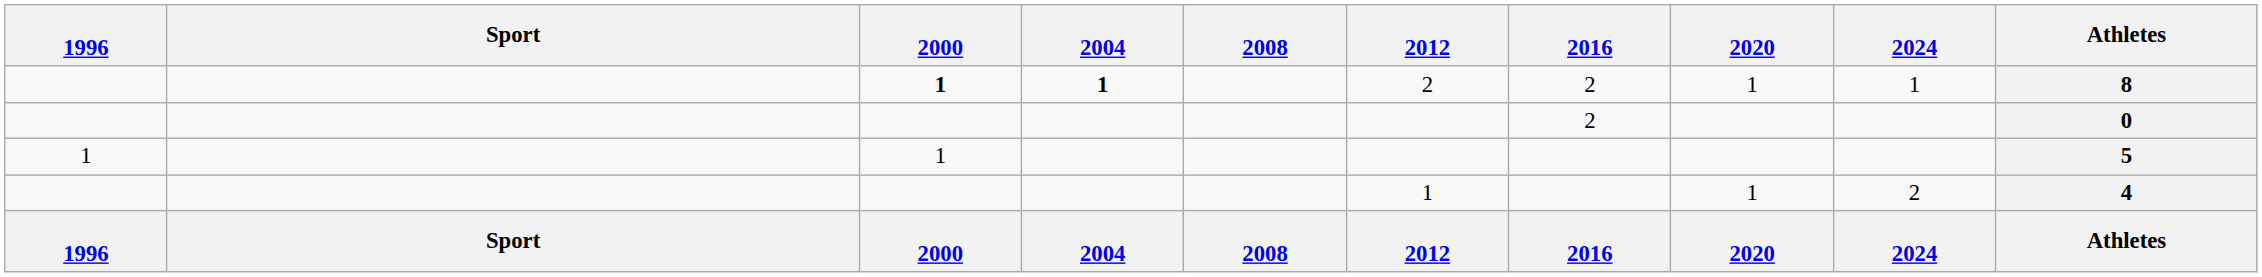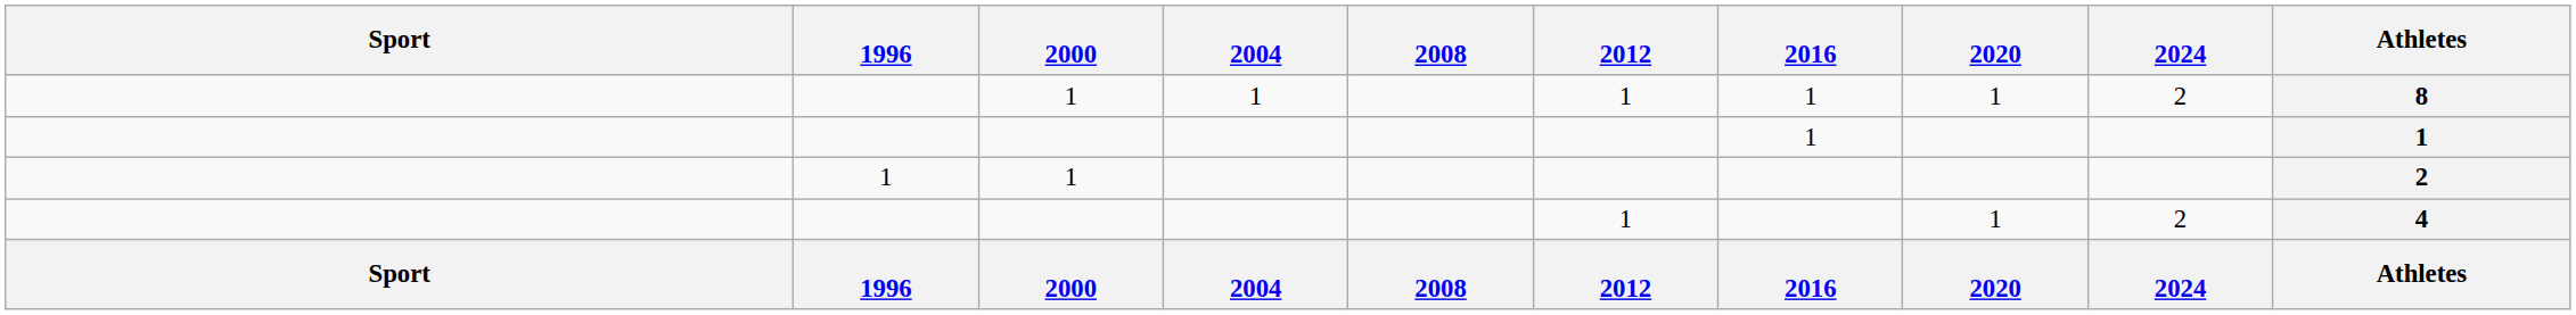 <table class="wikitable" width=80%>
 <tr>
+<th style="width:30em">Sport</th>
 <th><br><a href='#'>1996</a></th>
-<th style="width:30em">Sport</th>
 <th><br><a href='#'>2000</a></th>
 <th><br><a href='#'>2004</a></th>
 <th><br><a href='#'>2008</a></th>
 <th><br><a href='#'>2012</a></th>
 <th><br><a href='#'>2016</a></th>
 <th><br><a href='#'>2020</a></th>
 <th><br><a href='#'>2024</a></th>
 <th>Athletes</th>
 </tr>
 <tr>
+<td></td>
 <td align=center></td>
-<td></td>
-<td align=center><strong>1</strong></td>
-<td align=center><strong>1</strong></td>
-<td align=center></td>
-<td align=center>2</td>
-<td align=center>2</td>
 <td align=center>1</td>
 <td align=center>1</td>
+<td align=center></td>
+<td align=center>1</td>
+<td align=center>1</td>
+<td align=center>1</td>
+<td align=center>2</td>
 <th align="center">8</th>
 </tr>
 <tr>
-<td align=center></td>
 <td></td>
 <td align=center></td>
 <td align=center></td>
 <td align=center></td>
 <td align=center></td>
-<td align=center>2</td>
+<td align=center></td>
+<td align=center>1</td>
 <td align=center></td>
 <td></td>
-<th align="center">0</th>
+<th align="center">1</th>
 </tr>
 <tr>
+<td></td>
 <td align=center>1</td>
-<td></td>
 <td align=center>1</td>
 <td align=center></td>
 <td align=center></td>
 <td align=center></td>
 <td align=center></td>
 <td align=center></td>
 <td></td>
-<th align="center">5</th>
+<th align="center">2</th>
 </tr>
 <tr>
+<td></td>
 <td align=center></td>
-<td></td>
 <td align=center></td>
 <td align=center></td>
 <td align=center></td>
 <td align=center>1</td>
 <td align=center></td>
 <td align=center>1</td>
 <td align=center>2</td>
 <th align="center">4</th>
 </tr>
 <tr>
+<th style="width:30em">Sport</th>
 <th><br><a href='#'>1996</a></th>
-<th style="width:30em">Sport</th>
 <th><br><a href='#'>2000</a></th>
 <th><br><a href='#'>2004</a></th>
 <th><br><a href='#'>2008</a></th>
 <th><br><a href='#'>2012</a></th>
 <th><br><a href='#'>2016</a></th>
 <th><br><a href='#'>2020</a></th>
 <th><br><a href='#'>2024</a></th>
 <th>Athletes</th>
 </tr>
 </table>
